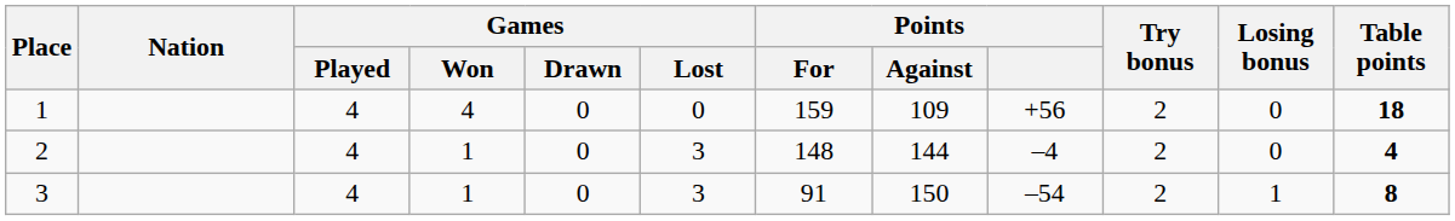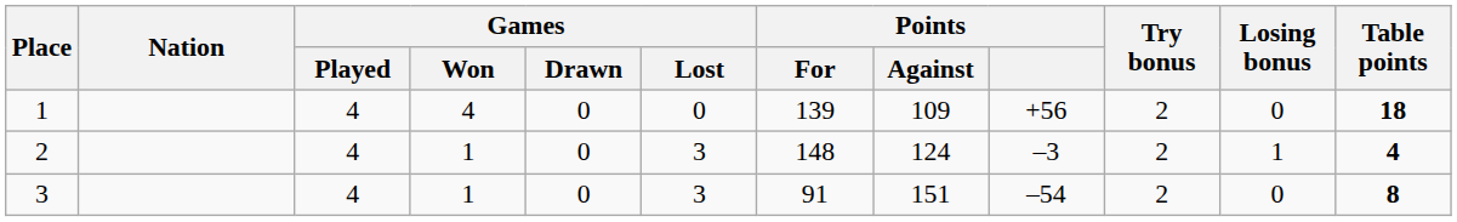 <table class="wikitable" style="text-align:center">
 <tr>
 <th rowspan="2" style="width:5%">Place</th>
 <th rowspan="2" style="width:15%">Nation</th>
 <th colspan="4" style="width:32%">Games</th>
 <th colspan="3" style="width:18%">Points</th>
 <th rowspan="2" style="width:8%">Try<br>bonus</th>
 <th rowspan="2" style="width:8%">Losing<br>bonus</th>
 <th rowspan="2" style="width:10%">Table<br>points</th>
 </tr>
 <tr>
 <th style="width:8%">Played</th>
 <th style="width:8%">Won</th>
 <th style="width:8%">Drawn</th>
 <th style="width:8%">Lost</th>
 <th style="width:8%">For</th>
 <th style="width:8%">Against</th>
 <th style="width:8%"></th>
 </tr>
 <tr>
 <td>1</td>
 <td align="left"></td>
 <td>4</td>
 <td>4</td>
 <td>0</td>
 <td>0</td>
-<td>159</td>
+<td>139</td>
 <td>109</td>
 <td>+56</td>
 <td>2</td>
 <td>0</td>
 <td><strong>18</strong></td>
 </tr>
 <tr>
 <td>2</td>
 <td align="left"></td>
 <td>4</td>
 <td>1</td>
 <td>0</td>
 <td>3</td>
 <td>148</td>
-<td>144</td>
-<td>–4</td>
+<td>124</td>
+<td>–3</td>
 <td>2</td>
-<td>0</td>
+<td>1</td>
 <td><strong>4</strong></td>
 </tr>
 <tr>
 <td>3</td>
 <td align="left"></td>
 <td>4</td>
 <td>1</td>
 <td>0</td>
 <td>3</td>
 <td>91</td>
-<td>150</td>
+<td>151</td>
 <td>–54</td>
 <td>2</td>
-<td>1</td>
+<td>0</td>
 <td><strong>8</strong></td>
 </tr>
 </table>
